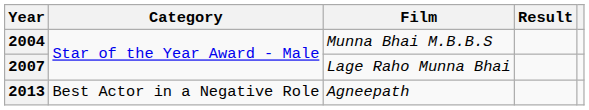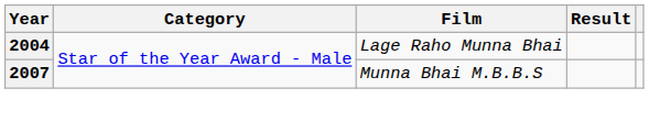 <table class="wikitable">
 <tr>
 <th>Year</th>
 <th>Category</th>
 <th>Film</th>
 <th>Result</th>
 <th></th>
 </tr>
 <tr>
 <th>2004</th>
 <td rowspan="2"><a href='#'>Star of the Year Award - Male</a></td>
-<td><em>Munna Bhai M.B.B.S</em></td>
+<td><em>Lage Raho Munna Bhai</em></td>
 <td></td>
 <td></td>
 </tr>
 <tr>
 <th>2007</th>
-<td><em>Lage Raho Munna Bhai</em></td>
-<td></td>
-<td></td>
-</tr>
-<tr>
-<th>2013</th>
-<td>Best Actor in a Negative Role</td>
-<td><em>Agneepath</em></td>
+<td><em>Munna Bhai M.B.B.S</em></td>
 <td></td>
 <td></td>
 </tr>
 </table>
